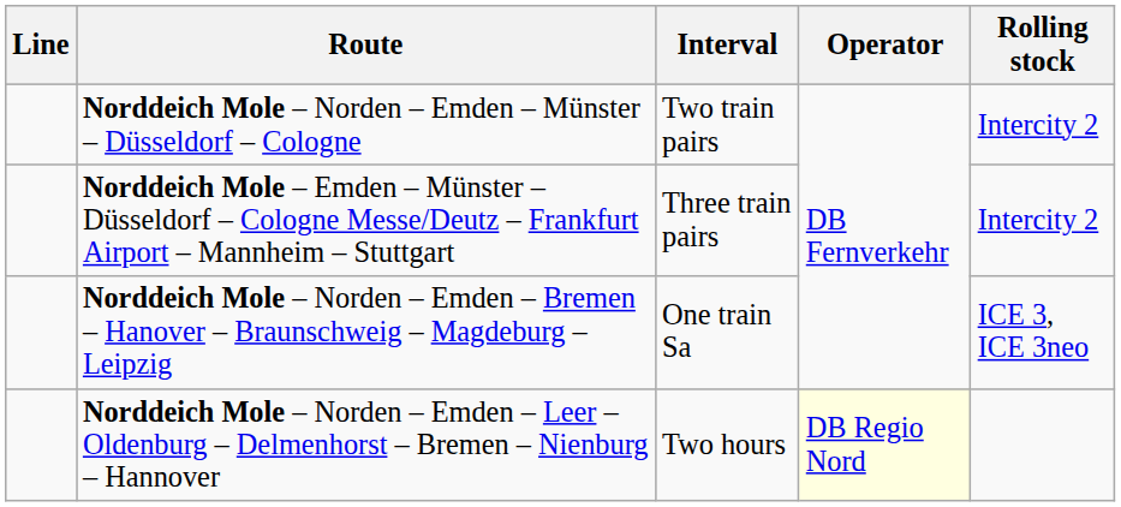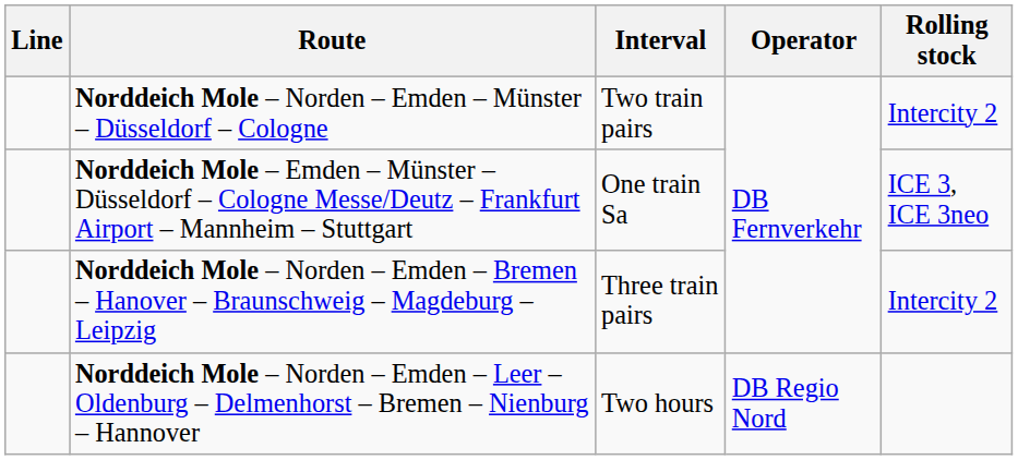 <table class="wikitable">
 <tr>
 <th>Line</th>
 <th>Route</th>
 <th>Interval</th>
 <th>Operator</th>
 <th>Rolling stock</th>
 </tr>
 <tr>
 <td></td>
 <td><strong>Norddeich Mole</strong> – Norden – Emden – Münster – <a href='#'>Düsseldorf</a> – <a href='#'>Cologne</a></td>
 <td>Two train pairs</td>
 <td rowspan="3"><a href='#'>DB Fernverkehr</a></td>
 <td><a href='#'>Intercity 2</a></td>
 </tr>
 <tr>
 <td></td>
 <td><strong>Norddeich Mole</strong> – Emden – Münster – Düsseldorf – <a href='#'>Cologne Messe/Deutz</a> – <a href='#'>Frankfurt Airport</a> – Mannheim – Stuttgart</td>
+<td>One train Sa</td>
+<td><a href='#'>ICE 3</a>, <a href='#'>ICE 3neo</a></td>
+</tr>
+<tr>
+<td></td>
+<td><strong>Norddeich Mole</strong> – Norden – Emden – <a href='#'>Bremen</a> – <a href='#'>Hanover</a> – <a href='#'>Braunschweig</a> – <a href='#'>Magdeburg</a> – <a href='#'>Leipzig</a></td>
 <td>Three train pairs</td>
 <td><a href='#'>Intercity 2</a></td>
 </tr>
 <tr>
 <td></td>
-<td><strong>Norddeich Mole</strong> – Norden – Emden – <a href='#'>Bremen</a> – <a href='#'>Hanover</a> – <a href='#'>Braunschweig</a> – <a href='#'>Magdeburg</a> – <a href='#'>Leipzig</a></td>
-<td>One train Sa</td>
-<td><a href='#'>ICE 3</a>, <a href='#'>ICE 3neo</a></td>
-</tr>
-<tr>
-<td></td>
 <td><strong>Norddeich Mole</strong> – Norden  – Emden – <a href='#'>Leer</a> – <a href='#'>Oldenburg</a> – <a href='#'>Delmenhorst</a> – Bremen – <a href='#'>Nienburg</a> – Hannover</td>
 <td>Two hours</td>
-<td style="background: lightyellow;"><a href='#'>DB Regio Nord</a></td>
+<td><a href='#'>DB Regio Nord</a></td>
 <td></td>
 </tr>
 </table>
